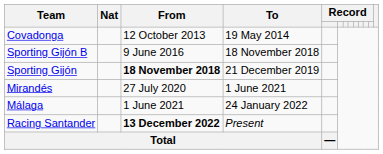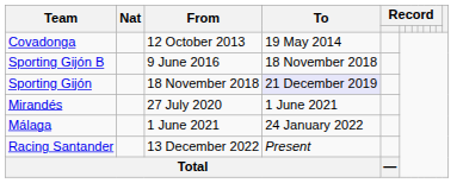 <table class="wikitable" style="text-align: center">
 <tr>
 <th rowspan="2">Team</th>
 <th rowspan="2">Nat</th>
 <th rowspan="2">From</th>
 <th rowspan="2">To</th>
 <th colspan="8">Record</th>
 <th rowspan=2></th>
 </tr>
 <tr>
 <th></th>
 <th></th>
 <th></th>
 <th></th>
 <th></th>
 <th></th>
 <th></th>
 <th></th>
 </tr>
 <tr>
 <td align=left><a href='#'>Covadonga</a></td>
 <td></td>
 <td align=left>12 October 2013</td>
 <td align=left>19 May 2014<br></td>
 <td></td>
 </tr>
 <tr>
 <td align=left><a href='#'>Sporting Gijón B</a></td>
 <td></td>
 <td align=left>9 June 2016</td>
 <td align=left>18 November 2018<br></td>
 <td></td>
 </tr>
 <tr>
 <td align=left><a href='#'>Sporting Gijón</a></td>
 <td></td>
-<td align=left><strong>18 November 2018</strong></td>
-<td align=left>21 December 2019<br></td>
+<td align=left>18 November 2018</td>
+<td align=left style="background: lavender;">21 December 2019<br></td>
 <td></td>
 </tr>
 <tr>
 <td align=left><a href='#'>Mirandés</a></td>
 <td></td>
 <td align=left>27 July 2020</td>
 <td align=left>1 June 2021<br></td>
 <td></td>
 </tr>
 <tr>
 <td align=left><a href='#'>Málaga</a></td>
 <td></td>
 <td align=left>1 June 2021</td>
 <td align=left>24 January 2022<br></td>
 <td></td>
 </tr>
 <tr>
 <td align=left><a href='#'>Racing Santander</a></td>
 <td></td>
-<td align=left><strong>13 December 2022</strong></td>
+<td align=left>13 December 2022</td>
 <td align=left><em>Present</em><br></td>
 <td></td>
 </tr>
 <tr>
 <th colspan="4">Total<br></th>
 <th>—</th>
 </tr>
 </table>
